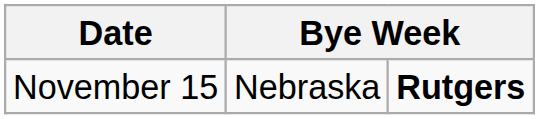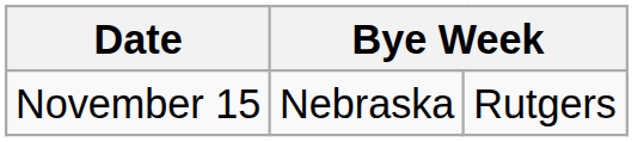 <table class="wikitable" style="font-size:95%;">
 <tr>
 <th>Date</th>
 <th colspan="2">Bye Week</th>
 </tr>
 <tr>
 <td>November 15</td>
 <td>Nebraska</td>
-<td><strong>Rutgers</strong></td>
+<td>Rutgers</td>
 </tr>
 </table>
